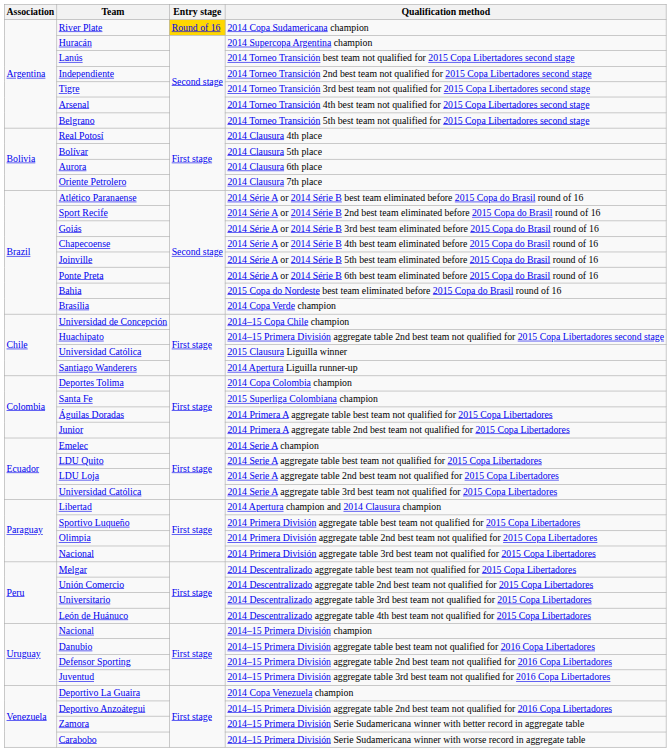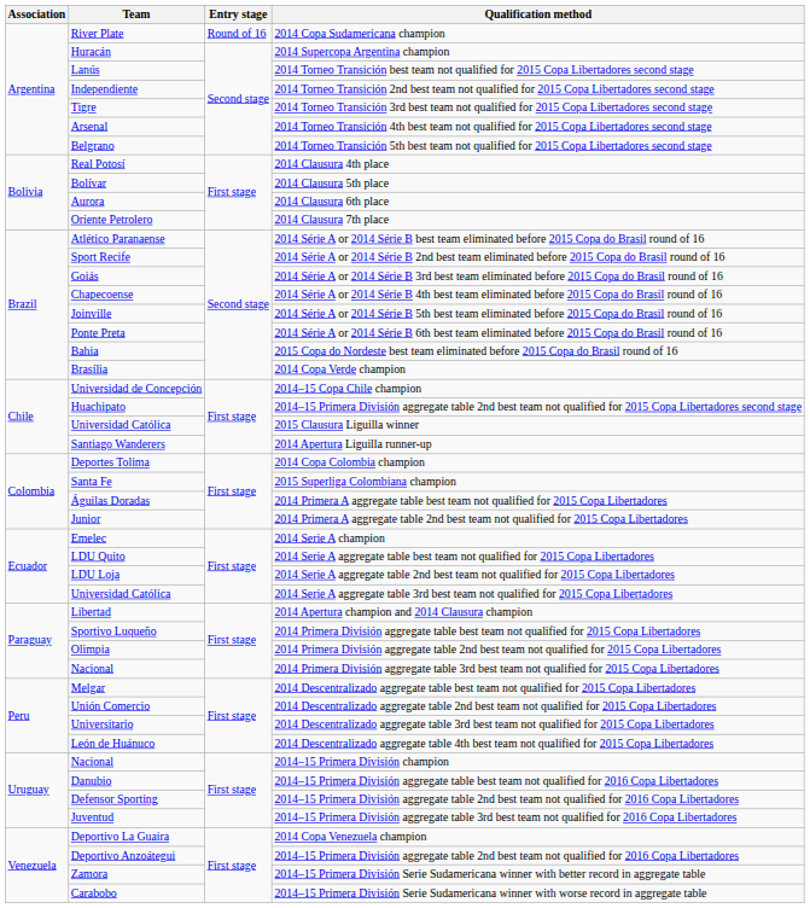 <table class="wikitable">
 <tr>
 <th>Association</th>
 <th>Team </th>
 <th>Entry stage</th>
 <th>Qualification method</th>
 </tr>
 <tr>
 <td rowspan=7> <a href='#'>Argentina</a><br></td>
 <td><a href='#'>River Plate</a> </td>
-<td style="background: gold;"><a href='#'>Round of 16</a></td>
+<td><a href='#'>Round of 16</a></td>
 <td><a href='#'>2014 Copa Sudamericana</a> champion</td>
 </tr>
 <tr>
 <td><a href='#'>Huracán</a> </td>
 <td rowspan=6><a href='#'>Second stage</a></td>
 <td><a href='#'>2014 Supercopa Argentina</a> champion</td>
 </tr>
 <tr>
 <td><a href='#'>Lanús</a> </td>
 <td><a href='#'>2014 Torneo Transición</a> best team not qualified for <a href='#'>2015 Copa Libertadores second stage</a></td>
 </tr>
 <tr>
 <td><a href='#'>Independiente</a> </td>
 <td><a href='#'>2014 Torneo Transición</a> 2nd best team not qualified for <a href='#'>2015 Copa Libertadores second stage</a></td>
 </tr>
 <tr>
 <td><a href='#'>Tigre</a> </td>
 <td><a href='#'>2014 Torneo Transición</a> 3rd best team not qualified for <a href='#'>2015 Copa Libertadores second stage</a></td>
 </tr>
 <tr>
 <td><a href='#'>Arsenal</a> </td>
 <td><a href='#'>2014 Torneo Transición</a> 4th best team not qualified for <a href='#'>2015 Copa Libertadores second stage</a></td>
 </tr>
 <tr>
 <td><a href='#'>Belgrano</a> </td>
 <td><a href='#'>2014 Torneo Transición</a> 5th best team not qualified for <a href='#'>2015 Copa Libertadores second stage</a></td>
 </tr>
 <tr>
 <td rowspan=4> <a href='#'>Bolivia</a><br></td>
 <td><a href='#'>Real Potosí</a> </td>
 <td rowspan=4><a href='#'>First stage</a></td>
 <td><a href='#'>2014 Clausura</a> 4th place</td>
 </tr>
 <tr>
 <td><a href='#'>Bolívar</a> </td>
 <td><a href='#'>2014 Clausura</a> 5th place</td>
 </tr>
 <tr>
 <td><a href='#'>Aurora</a> </td>
 <td><a href='#'>2014 Clausura</a> 6th place</td>
 </tr>
 <tr>
 <td><a href='#'>Oriente Petrolero</a> </td>
 <td><a href='#'>2014 Clausura</a> 7th place</td>
 </tr>
 <tr>
 <td rowspan=8> <a href='#'>Brazil</a><br></td>
 <td><a href='#'>Atlético Paranaense</a> </td>
 <td rowspan=8><a href='#'>Second stage</a></td>
 <td><a href='#'>2014 Série A</a> or <a href='#'>2014 Série B</a> best team eliminated before <a href='#'>2015 Copa do Brasil</a> round of 16</td>
 </tr>
 <tr>
 <td><a href='#'>Sport Recife</a> </td>
 <td><a href='#'>2014 Série A</a> or <a href='#'>2014 Série B</a> 2nd best team eliminated before <a href='#'>2015 Copa do Brasil</a> round of 16</td>
 </tr>
 <tr>
 <td><a href='#'>Goiás</a> </td>
 <td><a href='#'>2014 Série A</a> or <a href='#'>2014 Série B</a> 3rd best team eliminated before <a href='#'>2015 Copa do Brasil</a> round of 16</td>
 </tr>
 <tr>
 <td><a href='#'>Chapecoense</a> </td>
 <td><a href='#'>2014 Série A</a> or <a href='#'>2014 Série B</a> 4th best team eliminated before <a href='#'>2015 Copa do Brasil</a> round of 16</td>
 </tr>
 <tr>
 <td><a href='#'>Joinville</a> </td>
 <td><a href='#'>2014 Série A</a> or <a href='#'>2014 Série B</a> 5th best team eliminated before <a href='#'>2015 Copa do Brasil</a> round of 16</td>
 </tr>
 <tr>
 <td><a href='#'>Ponte Preta</a> </td>
 <td><a href='#'>2014 Série A</a> or <a href='#'>2014 Série B</a> 6th best team eliminated before <a href='#'>2015 Copa do Brasil</a> round of 16</td>
 </tr>
 <tr>
 <td><a href='#'>Bahia</a> </td>
 <td><a href='#'>2015 Copa do Nordeste</a> best team eliminated before <a href='#'>2015 Copa do Brasil</a> round of 16</td>
 </tr>
 <tr>
 <td><a href='#'>Brasília</a> </td>
 <td><a href='#'>2014 Copa Verde</a> champion</td>
 </tr>
 <tr>
 <td rowspan=4> <a href='#'>Chile</a><br></td>
 <td><a href='#'>Universidad de Concepción</a> </td>
 <td rowspan=4><a href='#'>First stage</a></td>
 <td><a href='#'>2014–15 Copa Chile</a> champion</td>
 </tr>
 <tr>
 <td><a href='#'>Huachipato</a> </td>
 <td><a href='#'>2014–15 Primera División</a> aggregate table 2nd best team not qualified for <a href='#'>2015 Copa Libertadores second stage</a></td>
 </tr>
 <tr>
 <td><a href='#'>Universidad Católica</a> </td>
 <td><a href='#'>2015 Clausura</a> Liguilla winner</td>
 </tr>
 <tr>
 <td><a href='#'>Santiago Wanderers</a> </td>
 <td><a href='#'>2014 Apertura</a> Liguilla runner-up</td>
 </tr>
 <tr>
 <td rowspan=4> <a href='#'>Colombia</a><br></td>
 <td><a href='#'>Deportes Tolima</a> </td>
 <td rowspan=4><a href='#'>First stage</a></td>
 <td><a href='#'>2014 Copa Colombia</a> champion</td>
 </tr>
 <tr>
 <td><a href='#'>Santa Fe</a> </td>
 <td><a href='#'>2015 Superliga Colombiana</a> champion</td>
 </tr>
 <tr>
 <td><a href='#'>Águilas Doradas</a> </td>
 <td><a href='#'>2014 Primera A</a> aggregate table best team not qualified for <a href='#'>2015 Copa Libertadores</a></td>
 </tr>
 <tr>
 <td><a href='#'>Junior</a> </td>
 <td><a href='#'>2014 Primera A</a> aggregate table 2nd best team not qualified for <a href='#'>2015 Copa Libertadores</a></td>
 </tr>
 <tr>
 <td rowspan=4> <a href='#'>Ecuador</a><br></td>
 <td><a href='#'>Emelec</a> </td>
 <td rowspan=4><a href='#'>First stage</a></td>
 <td><a href='#'>2014 Serie A</a> champion</td>
 </tr>
 <tr>
 <td><a href='#'>LDU Quito</a> </td>
 <td><a href='#'>2014 Serie A</a> aggregate table best team not qualified for <a href='#'>2015 Copa Libertadores</a></td>
 </tr>
 <tr>
 <td><a href='#'>LDU Loja</a> </td>
 <td><a href='#'>2014 Serie A</a> aggregate table 2nd best team not qualified for <a href='#'>2015 Copa Libertadores</a></td>
 </tr>
 <tr>
 <td><a href='#'>Universidad Católica</a> </td>
 <td><a href='#'>2014 Serie A</a> aggregate table 3rd best team not qualified for <a href='#'>2015 Copa Libertadores</a></td>
 </tr>
 <tr>
 <td rowspan=4> <a href='#'>Paraguay</a><br></td>
 <td><a href='#'>Libertad</a> </td>
 <td rowspan=4><a href='#'>First stage</a></td>
 <td><a href='#'>2014 Apertura</a> champion and <a href='#'>2014 Clausura</a> champion</td>
 </tr>
 <tr>
 <td><a href='#'>Sportivo Luqueño</a> </td>
 <td><a href='#'>2014 Primera División</a> aggregate table best team not qualified for <a href='#'>2015 Copa Libertadores</a></td>
 </tr>
 <tr>
 <td><a href='#'>Olimpia</a> </td>
 <td><a href='#'>2014 Primera División</a> aggregate table 2nd best team not qualified for <a href='#'>2015 Copa Libertadores</a></td>
 </tr>
 <tr>
 <td><a href='#'>Nacional</a> </td>
 <td><a href='#'>2014 Primera División</a> aggregate table 3rd best team not qualified for <a href='#'>2015 Copa Libertadores</a></td>
 </tr>
 <tr>
 <td rowspan=4> <a href='#'>Peru</a><br></td>
 <td><a href='#'>Melgar</a> </td>
 <td rowspan=4><a href='#'>First stage</a></td>
 <td><a href='#'>2014 Descentralizado</a> aggregate table best team not qualified for <a href='#'>2015 Copa Libertadores</a></td>
 </tr>
 <tr>
 <td><a href='#'>Unión Comercio</a> </td>
 <td><a href='#'>2014 Descentralizado</a> aggregate table 2nd best team not qualified for <a href='#'>2015 Copa Libertadores</a></td>
 </tr>
 <tr>
 <td><a href='#'>Universitario</a> </td>
 <td><a href='#'>2014 Descentralizado</a> aggregate table 3rd best team not qualified for <a href='#'>2015 Copa Libertadores</a></td>
 </tr>
 <tr>
 <td><a href='#'>León de Huánuco</a> </td>
 <td><a href='#'>2014 Descentralizado</a> aggregate table 4th best team not qualified for <a href='#'>2015 Copa Libertadores</a></td>
 </tr>
 <tr>
 <td rowspan=4> <a href='#'>Uruguay</a><br></td>
 <td><a href='#'>Nacional</a> </td>
 <td rowspan=4><a href='#'>First stage</a></td>
 <td><a href='#'>2014–15 Primera División</a> champion</td>
 </tr>
 <tr>
 <td><a href='#'>Danubio</a> </td>
 <td><a href='#'>2014–15 Primera División</a> aggregate table best team not qualified for <a href='#'>2016 Copa Libertadores</a></td>
 </tr>
 <tr>
 <td><a href='#'>Defensor Sporting</a> </td>
 <td><a href='#'>2014–15 Primera División</a> aggregate table 2nd best team not qualified for <a href='#'>2016 Copa Libertadores</a></td>
 </tr>
 <tr>
 <td><a href='#'>Juventud</a> </td>
 <td><a href='#'>2014–15 Primera División</a> aggregate table 3rd best team not qualified for <a href='#'>2016 Copa Libertadores</a></td>
 </tr>
 <tr>
 <td rowspan=4> <a href='#'>Venezuela</a><br></td>
 <td><a href='#'>Deportivo La Guaira</a> </td>
 <td rowspan=4><a href='#'>First stage</a></td>
 <td><a href='#'>2014 Copa Venezuela</a> champion</td>
 </tr>
 <tr>
 <td><a href='#'>Deportivo Anzoátegui</a> </td>
 <td><a href='#'>2014–15 Primera División</a> aggregate table 2nd best team not qualified for <a href='#'>2016 Copa Libertadores</a></td>
 </tr>
 <tr>
 <td><a href='#'>Zamora</a> </td>
 <td><a href='#'>2014–15 Primera División</a> Serie Sudamericana winner with better record in aggregate table</td>
 </tr>
 <tr>
 <td><a href='#'>Carabobo</a> </td>
 <td><a href='#'>2014–15 Primera División</a> Serie Sudamericana winner with worse record in aggregate table</td>
 </tr>
 </table>
